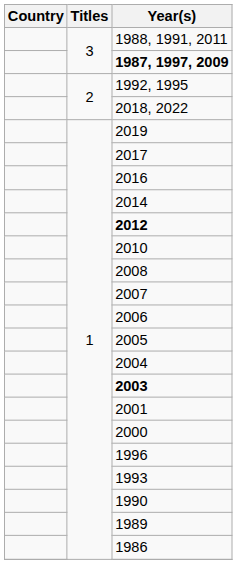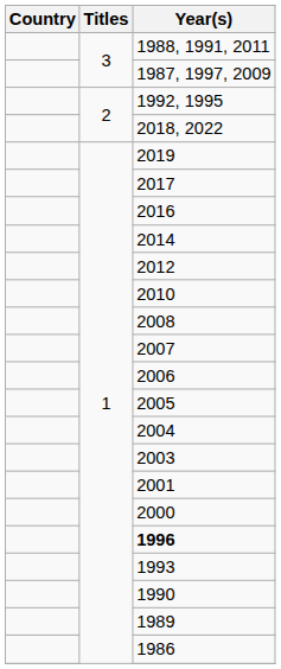 <table class="wikitable sortable" style="font-size: 95%;">
 <tr>
 <th>Country</th>
 <th>Titles</th>
 <th>Year(s)</th>
 </tr>
 <tr>
 <td><strong></strong></td>
 <td rowspan="2" style="text-align:center;">3</td>
 <td>1988, 1991, 2011</td>
 </tr>
 <tr>
 <td><strong></strong></td>
-<td><strong>1987, 1997, 2009</strong></td>
+<td>1987, 1997, 2009</td>
 </tr>
 <tr>
 <td><strong></strong></td>
 <td rowspan="2" style="text-align:center;">2</td>
 <td>1992, 1995</td>
 </tr>
 <tr>
 <td><strong></strong></td>
 <td>2018, 2022</td>
 </tr>
 <tr>
 <td><strong></strong></td>
 <td rowspan="20" style="text-align:center;">1</td>
 <td>2019</td>
 </tr>
 <tr>
 <td><strong></strong></td>
 <td>2017</td>
 </tr>
 <tr>
 <td><strong></strong></td>
 <td>2016</td>
 </tr>
 <tr>
 <td><strong></strong></td>
 <td>2014</td>
 </tr>
 <tr>
 <td><strong></strong></td>
-<td><strong>2012</strong></td>
+<td>2012</td>
 </tr>
 <tr>
 <td><strong></strong></td>
 <td>2010</td>
 </tr>
 <tr>
 <td><strong></strong></td>
 <td>2008</td>
 </tr>
 <tr>
 <td><strong></strong></td>
 <td>2007</td>
 </tr>
 <tr>
 <td><strong></strong></td>
 <td>2006</td>
 </tr>
 <tr>
 <td><strong></strong></td>
 <td>2005</td>
 </tr>
 <tr>
 <td><strong></strong></td>
 <td>2004</td>
 </tr>
 <tr>
 <td><strong></strong></td>
-<td><strong>2003</strong></td>
+<td>2003</td>
 </tr>
 <tr>
 <td><strong></strong></td>
 <td>2001</td>
 </tr>
 <tr>
 <td><strong></strong></td>
 <td>2000</td>
 </tr>
 <tr>
 <td><strong></strong></td>
-<td>1996</td>
+<td><strong>1996</strong></td>
 </tr>
 <tr>
 <td><strong></strong></td>
 <td>1993</td>
 </tr>
 <tr>
 <td><strong></strong></td>
 <td>1990</td>
 </tr>
 <tr>
 <td><strong></strong></td>
 <td>1989</td>
 </tr>
 <tr>
 <td><strong></strong></td>
 <td>1986</td>
 </tr>
 <tr>
 </tr>
 </table>
